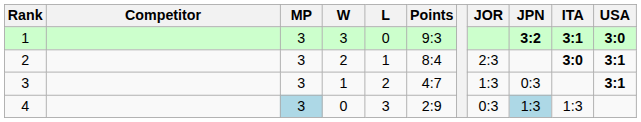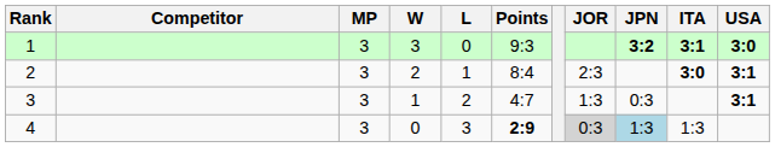 <table class="wikitable" style="text-align:center">
 <tr>
 <th>Rank</th>
 <th style="width:16em">Competitor</th>
 <th style="width:2.5em">MP</th>
 <th style="width:2.5em">W</th>
 <th style="width:2.5em">L</th>
 <th>Points</th>
 <th rowspan="5"> </th>
 <th style="width:2.5em">JOR</th>
 <th style="width:2.5em">JPN</th>
 <th style="width:2.5em">ITA</th>
 <th style="width:2.5em">USA</th>
 </tr>
 <tr style="background:#cfc;">
 <td>1</td>
 <td style="text-align:left"></td>
 <td>3</td>
 <td>3</td>
 <td>0</td>
 <td>9:3</td>
 <td></td>
 <td><strong>3:2</strong></td>
 <td><strong>3:1</strong></td>
 <td><strong>3:0</strong></td>
 </tr>
 <tr>
 <td>2</td>
 <td style="text-align:left"></td>
 <td>3</td>
 <td>2</td>
 <td>1</td>
 <td>8:4</td>
 <td>2:3</td>
 <td></td>
 <td><strong>3:0</strong></td>
 <td><strong>3:1</strong></td>
 </tr>
 <tr>
 <td>3</td>
 <td style="text-align:left"></td>
 <td>3</td>
 <td>1</td>
 <td>2</td>
 <td>4:7</td>
 <td>1:3</td>
 <td>0:3</td>
 <td></td>
 <td><strong>3:1</strong></td>
 </tr>
 <tr>
 <td>4</td>
 <td style="text-align:left"></td>
-<td style="background: lightblue;">3</td>
+<td>3</td>
 <td>0</td>
 <td>3</td>
-<td>2:9</td>
-<td>0:3</td>
+<td><strong>2:9</strong></td>
+<td style="background: lightgrey;">0:3</td>
 <td style="background: lightblue;">1:3</td>
 <td>1:3</td>
 <td></td>
 </tr>
 </table>
